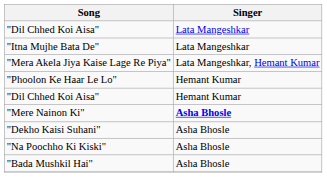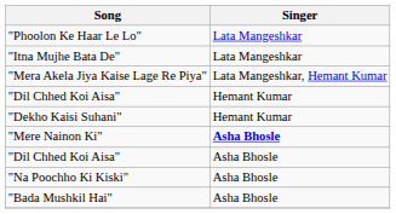 <table class="wikitable">
 <tr>
 <th>Song</th>
 <th>Singer</th>
 </tr>
 <tr>
-<td>"Dil Chhed Koi Aisa"</td>
+<td>"Phoolon Ke Haar Le Lo"</td>
 <td><a href='#'>Lata Mangeshkar</a></td>
 </tr>
 <tr>
 <td>"Itna Mujhe Bata De"</td>
 <td>Lata Mangeshkar</td>
 </tr>
 <tr>
 <td>"Mera Akela Jiya Kaise Lage Re Piya"</td>
 <td>Lata Mangeshkar, <a href='#'>Hemant Kumar</a></td>
 </tr>
 <tr>
-<td>"Phoolon Ke Haar Le Lo"</td>
+<td>"Dil Chhed Koi Aisa"</td>
 <td>Hemant Kumar</td>
 </tr>
 <tr>
-<td>"Dil Chhed Koi Aisa"</td>
+<td>"Dekho Kaisi Suhani"</td>
 <td>Hemant Kumar</td>
 </tr>
 <tr>
 <td>"Mere Nainon Ki"</td>
 <td><strong><a href='#'>Asha Bhosle</a></strong></td>
 </tr>
 <tr>
-<td>"Dekho Kaisi Suhani"</td>
+<td>"Dil Chhed Koi Aisa"</td>
 <td>Asha Bhosle</td>
 </tr>
 <tr>
 <td>"Na Poochho Ki Kiski"</td>
 <td>Asha Bhosle</td>
 </tr>
 <tr>
 <td>"Bada Mushkil Hai"</td>
 <td>Asha Bhosle</td>
 </tr>
 <tr>
 </tr>
 </table>
